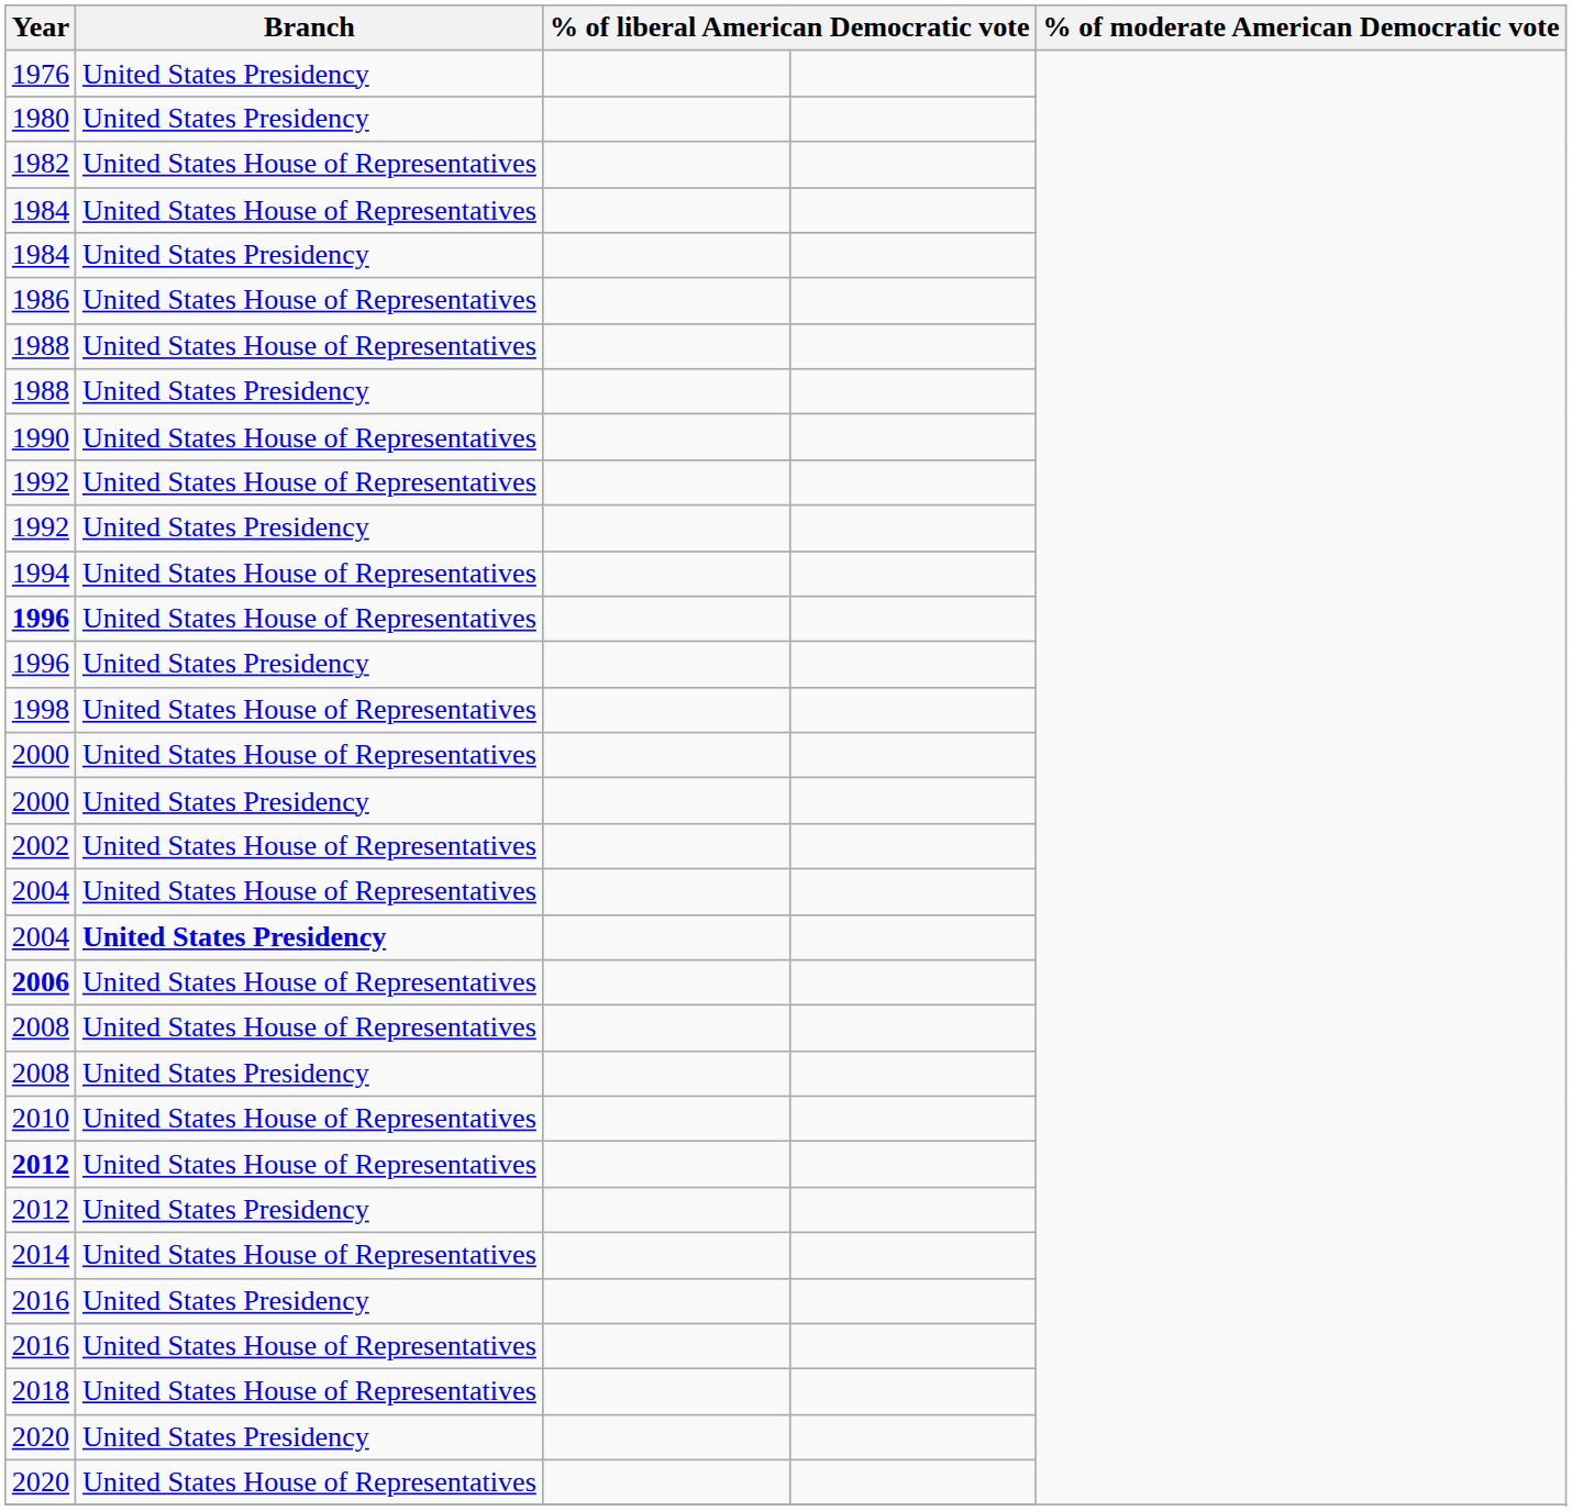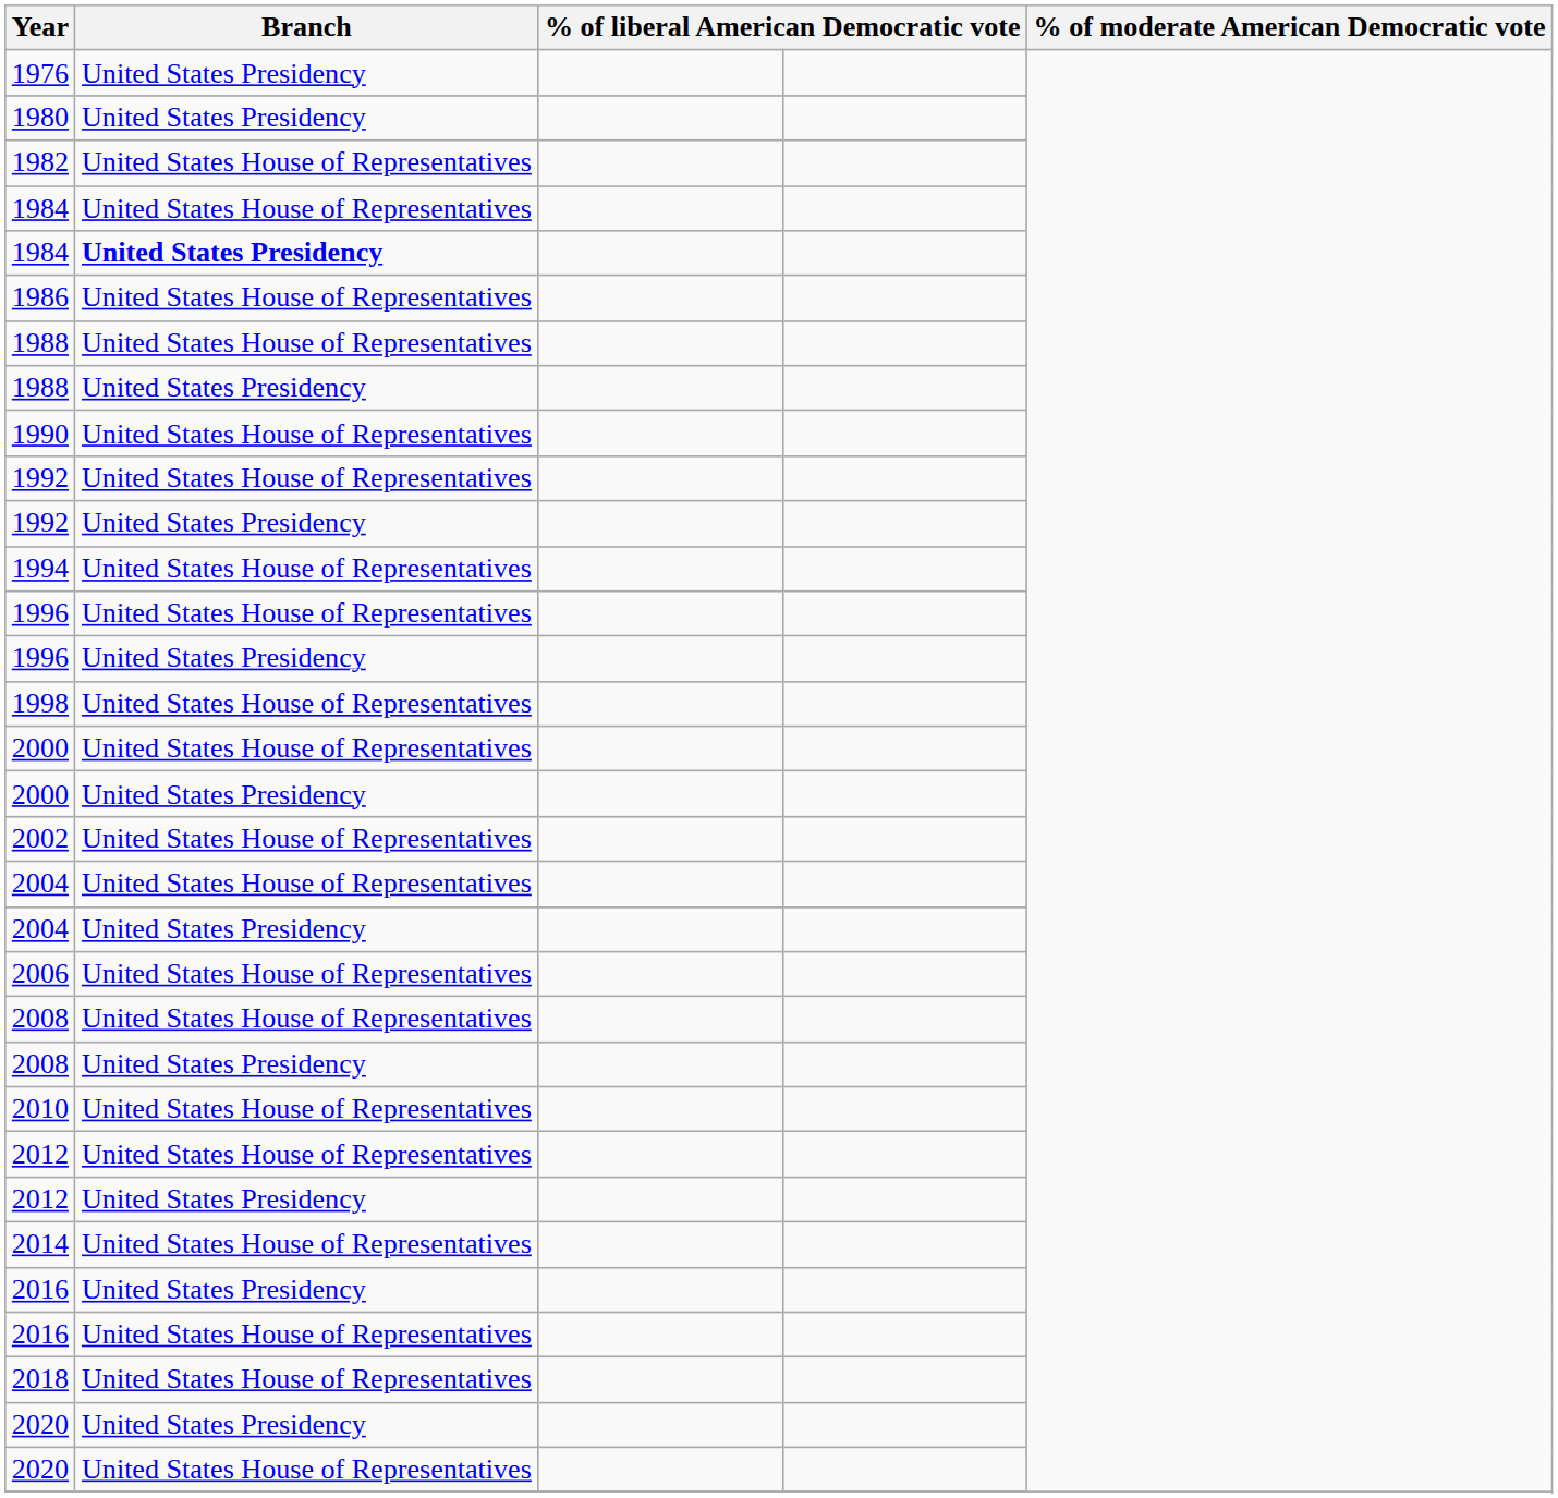 <table class="wikitable sortable collapsible">
 <tr>
 <th>Year</th>
 <th>Branch</th>
 <th colspan="2">% of liberal American Democratic vote</th>
 <th colspan="2">% of moderate American Democratic vote</th>
 </tr>
 <tr>
 <td><a href='#'>1976</a></td>
 <td><a href='#'>United States Presidency</a></td>
 <td align=right></td>
 <td align=right></td>
 </tr>
 <tr>
 <td><a href='#'>1980</a></td>
 <td><a href='#'>United States Presidency</a></td>
 <td align=right></td>
 <td align=right></td>
 </tr>
 <tr>
 <td><a href='#'>1982</a></td>
 <td><a href='#'>United States House of Representatives</a></td>
 <td align=right></td>
 <td align=right></td>
 </tr>
 <tr>
 <td><a href='#'>1984</a></td>
 <td><a href='#'>United States House of Representatives</a></td>
 <td align=right></td>
 <td align=right></td>
 </tr>
 <tr>
 <td><a href='#'>1984</a></td>
-<td><a href='#'>United States Presidency</a></td>
+<td><strong><a href='#'>United States Presidency</a></strong></td>
 <td align=right></td>
 <td align=right></td>
 </tr>
 <tr>
 <td><a href='#'>1986</a></td>
 <td><a href='#'>United States House of Representatives</a></td>
 <td align=right></td>
 <td align=right></td>
 </tr>
 <tr>
 <td><a href='#'>1988</a></td>
 <td><a href='#'>United States House of Representatives</a></td>
 <td align=right></td>
 <td align=right></td>
 </tr>
 <tr>
 <td><a href='#'>1988</a></td>
 <td><a href='#'>United States Presidency</a></td>
 <td align=right></td>
 <td align=right></td>
 </tr>
 <tr>
 <td><a href='#'>1990</a></td>
 <td><a href='#'>United States House of Representatives</a></td>
 <td align=right></td>
 <td align=right></td>
 </tr>
 <tr>
 <td><a href='#'>1992</a></td>
 <td><a href='#'>United States House of Representatives</a></td>
 <td align=right></td>
 <td align=right></td>
 </tr>
 <tr>
 <td><a href='#'>1992</a></td>
 <td><a href='#'>United States Presidency</a></td>
 <td align=right></td>
 <td align=right></td>
 </tr>
 <tr>
 <td><a href='#'>1994</a></td>
 <td><a href='#'>United States House of Representatives</a></td>
 <td align=right></td>
 <td align=right></td>
 </tr>
 <tr>
-<td><strong><a href='#'>1996</a></strong></td>
+<td><a href='#'>1996</a></td>
 <td><a href='#'>United States House of Representatives</a></td>
 <td align=right></td>
 <td align=right></td>
 </tr>
 <tr>
 <td><a href='#'>1996</a></td>
 <td><a href='#'>United States Presidency</a></td>
 <td align=right></td>
 <td align=right></td>
 </tr>
 <tr>
 <td><a href='#'>1998</a></td>
 <td><a href='#'>United States House of Representatives</a></td>
 <td align=right></td>
 <td align=right></td>
 </tr>
 <tr>
 <td><a href='#'>2000</a></td>
 <td><a href='#'>United States House of Representatives</a></td>
 <td align=right></td>
 <td align=right></td>
 </tr>
 <tr>
 <td><a href='#'>2000</a></td>
 <td><a href='#'>United States Presidency</a></td>
 <td align=right></td>
 <td align=right></td>
 </tr>
 <tr>
 <td><a href='#'>2002</a></td>
 <td><a href='#'>United States House of Representatives</a></td>
 <td align=right></td>
 <td align=right></td>
 </tr>
 <tr>
 <td><a href='#'>2004</a></td>
 <td><a href='#'>United States House of Representatives</a></td>
 <td align=right></td>
 <td align=right></td>
 </tr>
 <tr>
 <td><a href='#'>2004</a></td>
-<td><strong><a href='#'>United States Presidency</a></strong></td>
+<td><a href='#'>United States Presidency</a></td>
 <td align=right></td>
 <td align=right></td>
 </tr>
 <tr>
-<td><strong><a href='#'>2006</a></strong></td>
+<td><a href='#'>2006</a></td>
 <td><a href='#'>United States House of Representatives</a></td>
 <td align=right></td>
 <td align=right></td>
 </tr>
 <tr>
 <td><a href='#'>2008</a></td>
 <td><a href='#'>United States House of Representatives</a></td>
 <td align=right></td>
 <td align=right></td>
 </tr>
 <tr>
 <td><a href='#'>2008</a></td>
 <td><a href='#'>United States Presidency</a></td>
 <td align=right></td>
 <td align=right></td>
 </tr>
 <tr>
 <td><a href='#'>2010</a></td>
 <td><a href='#'>United States House of Representatives</a></td>
 <td align=right></td>
 <td align=right></td>
 </tr>
 <tr>
-<td><strong><a href='#'>2012</a></strong></td>
+<td><a href='#'>2012</a></td>
 <td><a href='#'>United States House of Representatives</a></td>
 <td align=right></td>
 <td align=right></td>
 </tr>
 <tr>
 <td><a href='#'>2012</a></td>
 <td><a href='#'>United States Presidency</a></td>
 <td align=right></td>
 <td align=right></td>
 </tr>
 <tr>
 <td><a href='#'>2014</a></td>
 <td><a href='#'>United States House of Representatives</a></td>
 <td align=right></td>
 <td align=right></td>
 </tr>
 <tr>
 <td><a href='#'>2016</a></td>
 <td><a href='#'>United States Presidency</a></td>
 <td align=right></td>
 <td align=right></td>
 </tr>
 <tr>
 <td><a href='#'>2016</a></td>
 <td><a href='#'>United States House of Representatives</a></td>
 <td align=right></td>
 <td align=right></td>
 </tr>
 <tr>
 <td><a href='#'>2018</a></td>
 <td><a href='#'>United States House of Representatives</a></td>
 <td align=right></td>
 <td align=right></td>
 </tr>
 <tr>
 <td><a href='#'>2020</a></td>
 <td><a href='#'>United States Presidency</a></td>
 <td align=right></td>
 <td align=right></td>
 </tr>
 <tr>
 <td><a href='#'>2020</a></td>
 <td><a href='#'>United States House of Representatives</a></td>
 <td align=right></td>
 <td align=right></td>
 </tr>
 <tr>
 </tr>
 </table>
